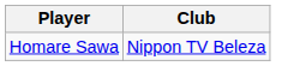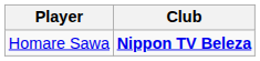 <table class="wikitable">
 <tr>
 <th>Player</th>
 <th>Club</th>
 </tr>
 <tr>
 <td> <a href='#'>Homare Sawa</a></td>
-<td><a href='#'>Nippon TV Beleza</a></td>
+<td><strong><a href='#'>Nippon TV Beleza</a></strong></td>
 </tr>
 </table>
